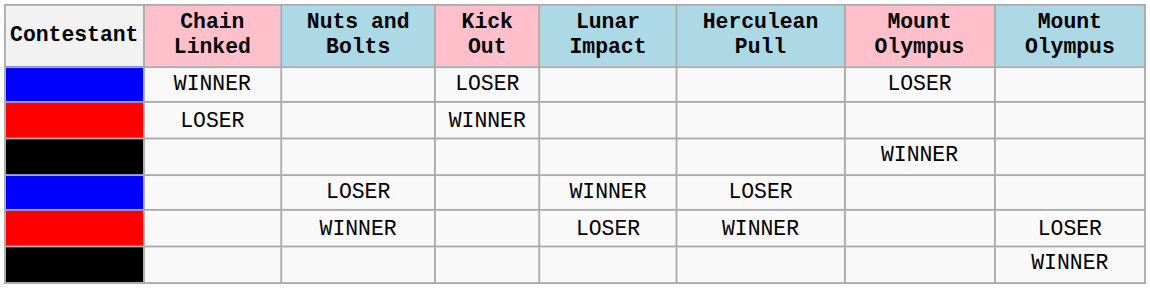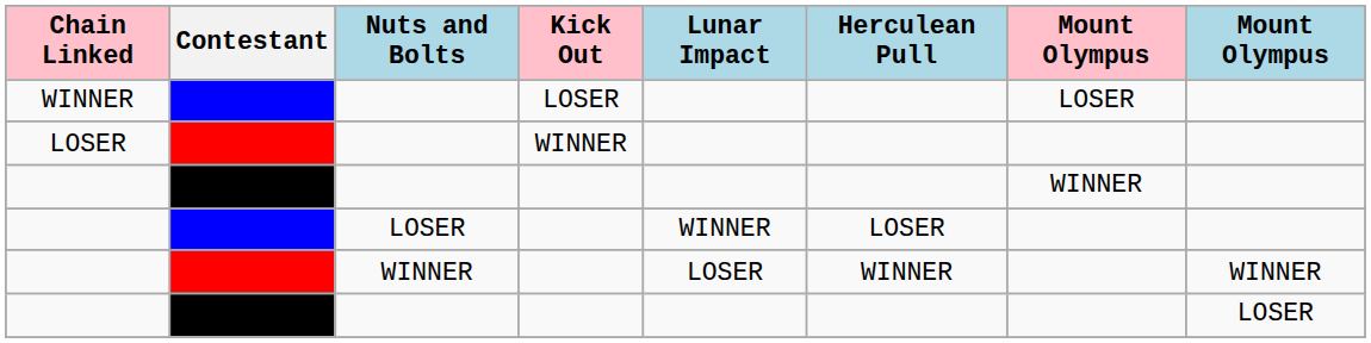 <table class="wikitable" style="text-align:center; font-size:90%; width:100%">
 <tr>
+<th style="background:pink;">Chain Linked</th>
 <th>Contestant</th>
-<th style="background:pink;">Chain Linked</th>
 <th style="background:lightblue;">Nuts and Bolts</th>
 <th style="background:pink;">Kick Out</th>
 <th style="background:lightblue;">Lunar Impact</th>
 <th style="background:lightblue;">Herculean Pull</th>
 <th style="background:pink;">Mount Olympus</th>
 <th style="background:lightblue;">Mount Olympus</th>
 </tr>
 <tr>
+<td>WINNER</td>
 <td style="background:blue;"></td>
-<td>WINNER</td>
 <td></td>
 <td>LOSER</td>
 <td></td>
 <td></td>
 <td>LOSER</td>
 <td></td>
 </tr>
 <tr>
+<td>LOSER</td>
 <td style="background:red;"></td>
-<td>LOSER</td>
 <td></td>
 <td>WINNER</td>
 <td></td>
 <td></td>
 <td></td>
 <td></td>
 </tr>
 <tr>
+<td></td>
 <td style="background:black;"></td>
-<td></td>
 <td></td>
 <td></td>
 <td></td>
 <td></td>
 <td>WINNER</td>
 <td></td>
 </tr>
 <tr>
+<td></td>
 <td style="background:blue;"></td>
-<td></td>
 <td>LOSER</td>
 <td></td>
 <td>WINNER</td>
 <td>LOSER</td>
 <td></td>
 <td></td>
 </tr>
 <tr>
+<td></td>
 <td style="background:red;"></td>
-<td></td>
 <td>WINNER</td>
 <td></td>
 <td>LOSER</td>
 <td>WINNER</td>
 <td></td>
-<td>LOSER</td>
+<td>WINNER</td>
 </tr>
 <tr>
+<td></td>
 <td style="background:black;"></td>
 <td></td>
 <td></td>
 <td></td>
 <td></td>
 <td></td>
-<td></td>
-<td>WINNER</td>
+<td>LOSER</td>
 </tr>
 </table>
